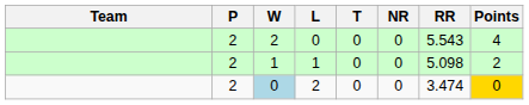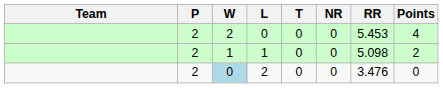 <table class="wikitable" style="text-align: center;">
 <tr>
 <th style="width:40%;">Team</th>
 <th style="width:8%;">P</th>
 <th style="width:8%;">W</th>
 <th style="width:8%;">L</th>
 <th style="width:8%;">T</th>
 <th style="width:8%;">NR</th>
 <th style="width:10%;">RR</th>
 <th style="width:10%;">Points</th>
 </tr>
 <tr style="background:#cfc;">
 <td align=left></td>
 <td>2</td>
 <td>2</td>
 <td>0</td>
 <td>0</td>
 <td>0</td>
-<td>5.543</td>
+<td>5.453</td>
 <td>4</td>
 </tr>
 <tr style="background:#cfc;">
 <td align=left></td>
 <td>2</td>
 <td>1</td>
 <td>1</td>
 <td>0</td>
 <td>0</td>
 <td>5.098</td>
 <td>2</td>
 </tr>
 <tr>
 <td align=left></td>
 <td>2</td>
 <td style="background: lightblue;">0</td>
 <td>2</td>
 <td>0</td>
 <td>0</td>
-<td>3.474</td>
-<td style="background: gold;">0</td>
+<td>3.476</td>
+<td>0</td>
 </tr>
 </table>
